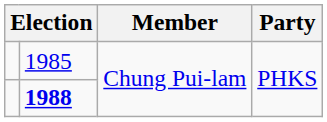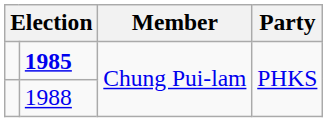 <table class="wikitable">
 <tr>
 <th colspan="2">Election</th>
 <th>Member</th>
 <th>Party</th>
 </tr>
 <tr>
 <td bgcolor=></td>
-<td><a href='#'>1985</a></td>
+<td><strong><a href='#'>1985</a></strong></td>
 <td rowspan="2"><a href='#'>Chung Pui-lam</a></td>
 <td rowspan="2"><a href='#'>PHKS</a></td>
 </tr>
 <tr>
 <td bgcolor=></td>
-<td><strong><a href='#'>1988</a></strong></td>
+<td><a href='#'>1988</a></td>
 </tr>
 </table>
